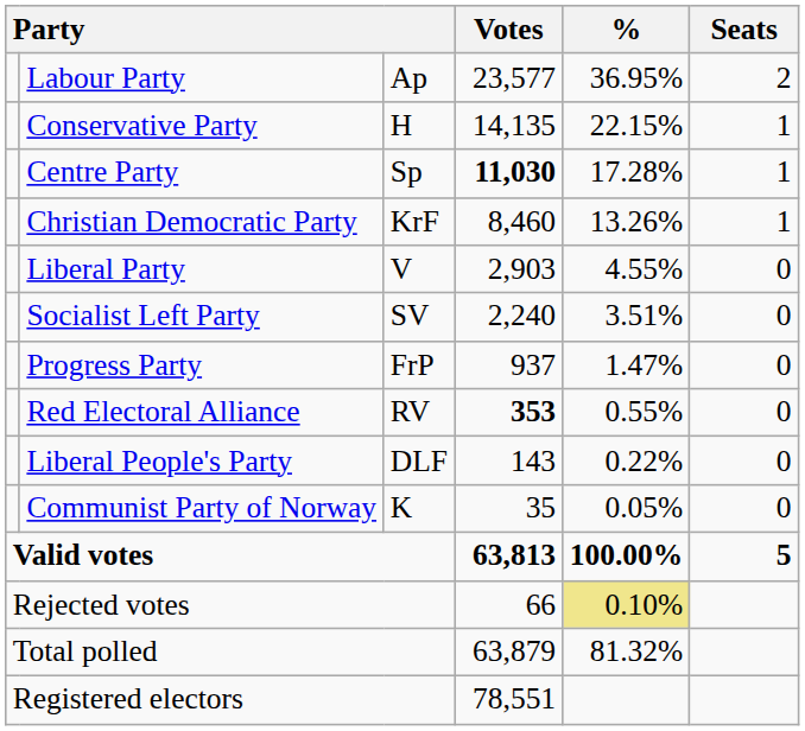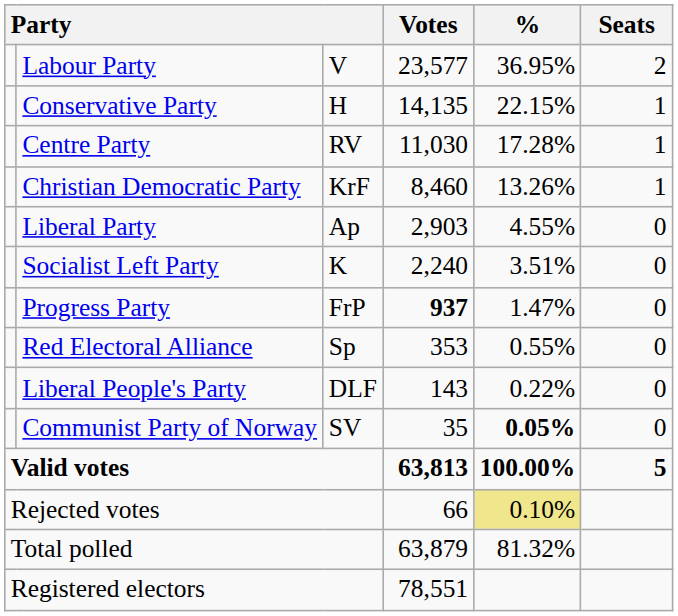 <table class="wikitable" border="1" style="text-align:right;">
 <tr>
 <th style="text-align:left;" colspan=3>Party</th>
 <th align=center width="50">Votes</th>
 <th align=center width="50">%</th>
 <th align=center width="50">Seats</th>
 </tr>
 <tr>
 <td style="color:inherit;background:"></td>
 <td align=left><a href='#'>Labour Party</a></td>
-<td align=left>Ap</td>
+<td align=left>V</td>
 <td>23,577</td>
 <td>36.95%</td>
 <td>2</td>
 </tr>
 <tr>
 <td style="color:inherit;background:"></td>
 <td align=left><a href='#'>Conservative Party</a></td>
 <td align=left>H</td>
 <td>14,135</td>
 <td>22.15%</td>
 <td>1</td>
 </tr>
 <tr>
 <td style="color:inherit;background:"></td>
 <td align=left><a href='#'>Centre Party</a></td>
-<td align=left>Sp</td>
-<td><strong>11,030</strong></td>
+<td align=left>RV</td>
+<td>11,030</td>
 <td>17.28%</td>
 <td>1</td>
 </tr>
 <tr>
 <td style="color:inherit;background:"></td>
 <td align=left><a href='#'>Christian Democratic Party</a></td>
 <td align=left>KrF</td>
 <td>8,460</td>
 <td>13.26%</td>
 <td>1</td>
 </tr>
 <tr>
 <td style="color:inherit;background:"></td>
 <td align=left><a href='#'>Liberal Party</a></td>
-<td align=left>V</td>
+<td align=left>Ap</td>
 <td>2,903</td>
 <td>4.55%</td>
 <td>0</td>
 </tr>
 <tr>
 <td style="color:inherit;background:"></td>
 <td align=left><a href='#'>Socialist Left Party</a></td>
-<td align=left>SV</td>
+<td align=left>K</td>
 <td>2,240</td>
 <td>3.51%</td>
 <td>0</td>
 </tr>
 <tr>
 <td style="color:inherit;background:"></td>
 <td align=left><a href='#'>Progress Party</a></td>
 <td align=left>FrP</td>
-<td>937</td>
+<td><strong>937</strong></td>
 <td>1.47%</td>
 <td>0</td>
 </tr>
 <tr>
 <td style="color:inherit;background:"></td>
 <td align=left><a href='#'>Red Electoral Alliance</a></td>
-<td align=left>RV</td>
-<td><strong>353</strong></td>
+<td align=left>Sp</td>
+<td>353</td>
 <td>0.55%</td>
 <td>0</td>
 </tr>
 <tr>
 <td style="color:inherit;background:"></td>
 <td align=left><a href='#'>Liberal People's Party</a></td>
 <td align=left>DLF</td>
 <td>143</td>
 <td>0.22%</td>
 <td>0</td>
 </tr>
 <tr>
 <td style="color:inherit;background:"></td>
 <td align=left><a href='#'>Communist Party of Norway</a></td>
-<td align=left>K</td>
+<td align=left>SV</td>
 <td>35</td>
-<td>0.05%</td>
+<td><strong>0.05%</strong></td>
 <td>0</td>
 </tr>
 <tr style="font-weight:bold">
 <td align=left colspan=3>Valid votes</td>
 <td>63,813</td>
 <td>100.00%</td>
 <td>5</td>
 </tr>
 <tr>
 <td align=left colspan=3>Rejected votes</td>
 <td>66</td>
 <td style="background: khaki;">0.10%</td>
 <td></td>
 </tr>
 <tr>
 <td align=left colspan=3>Total polled</td>
 <td>63,879</td>
 <td>81.32%</td>
 <td></td>
 </tr>
 <tr>
 <td align=left colspan=3>Registered electors</td>
 <td>78,551</td>
 <td></td>
 <td></td>
 </tr>
 </table>
